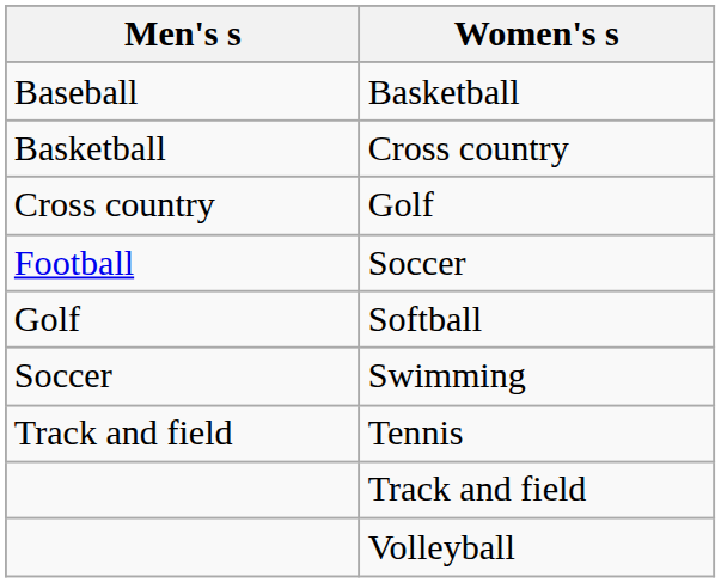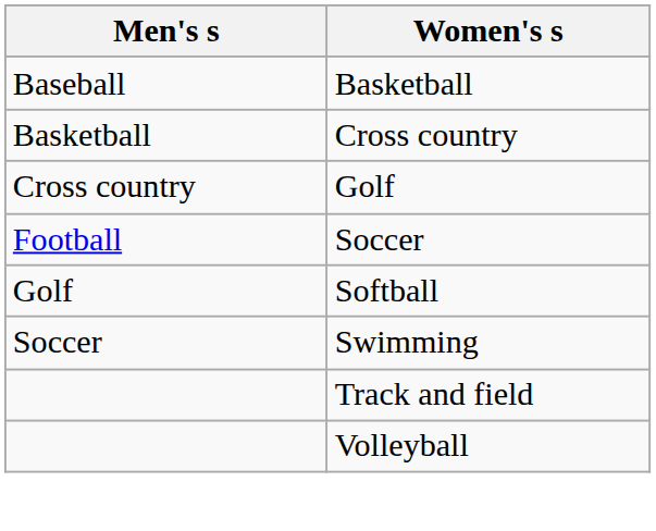 <table class="wikitable"; style= "text-align: ">
 <tr>
 <th width=150px>Men's s</th>
 <th width=150px>Women's s</th>
 </tr>
 <tr>
 <td>Baseball</td>
 <td>Basketball</td>
 </tr>
 <tr>
 <td>Basketball</td>
 <td>Cross country</td>
 </tr>
 <tr>
 <td>Cross country</td>
 <td>Golf</td>
 </tr>
 <tr>
 <td><a href='#'>Football</a></td>
 <td>Soccer</td>
 </tr>
 <tr>
 <td>Golf</td>
 <td>Softball</td>
 </tr>
 <tr>
 <td>Soccer</td>
 <td>Swimming</td>
 </tr>
 <tr>
-<td>Track and field</td>
-<td>Tennis</td>
-</tr>
-<tr>
 <td></td>
 <td>Track and field</td>
 </tr>
 <tr>
 <td></td>
 <td>Volleyball</td>
 </tr>
 </table>
